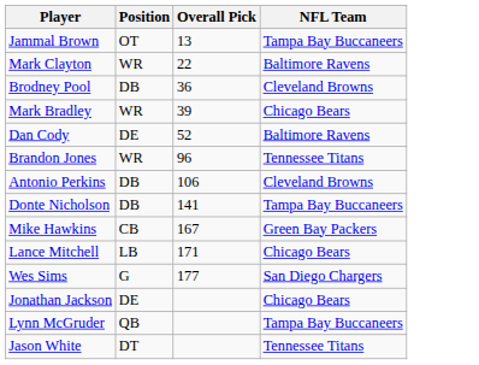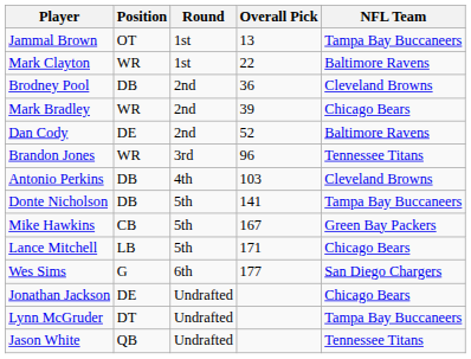 <table class="wikitable" border="1">
 <tr>
 <th>Player</th>
 <th>Position</th>
+<th>Round</th>
 <th>Overall Pick</th>
 <th>NFL Team</th>
 </tr>
 <tr>
 <td><a href='#'>Jammal Brown</a></td>
 <td>OT</td>
+<td>1st</td>
 <td>13</td>
 <td><a href='#'>Tampa Bay Buccaneers</a></td>
 </tr>
 <tr>
 <td><a href='#'>Mark Clayton</a></td>
 <td>WR</td>
+<td>1st</td>
 <td>22</td>
 <td><a href='#'>Baltimore Ravens</a></td>
 </tr>
 <tr>
 <td><a href='#'>Brodney Pool</a></td>
 <td>DB</td>
+<td>2nd</td>
 <td>36</td>
 <td><a href='#'>Cleveland Browns</a></td>
 </tr>
 <tr>
 <td><a href='#'>Mark Bradley</a></td>
 <td>WR</td>
+<td>2nd</td>
 <td>39</td>
 <td><a href='#'>Chicago Bears</a></td>
 </tr>
 <tr>
 <td><a href='#'>Dan Cody</a></td>
 <td>DE</td>
+<td>2nd</td>
 <td>52</td>
 <td><a href='#'>Baltimore Ravens</a></td>
 </tr>
 <tr>
 <td><a href='#'>Brandon Jones</a></td>
 <td>WR</td>
+<td>3rd</td>
 <td>96</td>
 <td><a href='#'>Tennessee Titans</a></td>
 </tr>
 <tr>
 <td><a href='#'>Antonio Perkins</a></td>
 <td>DB</td>
-<td>106</td>
+<td>4th</td>
+<td>103</td>
 <td><a href='#'>Cleveland Browns</a></td>
 </tr>
 <tr>
 <td><a href='#'>Donte Nicholson</a></td>
 <td>DB</td>
+<td>5th</td>
 <td>141</td>
 <td><a href='#'>Tampa Bay Buccaneers</a></td>
 </tr>
 <tr>
 <td><a href='#'>Mike Hawkins</a></td>
 <td>CB</td>
+<td>5th</td>
 <td>167</td>
 <td><a href='#'>Green Bay Packers</a></td>
 </tr>
 <tr>
 <td><a href='#'>Lance Mitchell</a></td>
 <td>LB</td>
+<td>5th</td>
 <td>171</td>
 <td><a href='#'>Chicago Bears</a></td>
 </tr>
 <tr>
 <td><a href='#'>Wes Sims</a></td>
 <td>G</td>
+<td>6th</td>
 <td>177</td>
 <td><a href='#'>San Diego Chargers</a></td>
 </tr>
 <tr>
 <td><a href='#'>Jonathan Jackson</a></td>
 <td>DE</td>
+<td>Undrafted</td>
 <td></td>
 <td><a href='#'>Chicago Bears</a></td>
 </tr>
 <tr>
 <td><a href='#'>Lynn McGruder</a></td>
-<td>QB</td>
+<td>DT</td>
+<td>Undrafted</td>
 <td></td>
 <td><a href='#'>Tampa Bay Buccaneers</a></td>
 </tr>
 <tr>
 <td><a href='#'>Jason White</a></td>
-<td>DT</td>
+<td>QB</td>
+<td>Undrafted</td>
 <td></td>
 <td><a href='#'>Tennessee Titans</a></td>
 </tr>
 </table>
